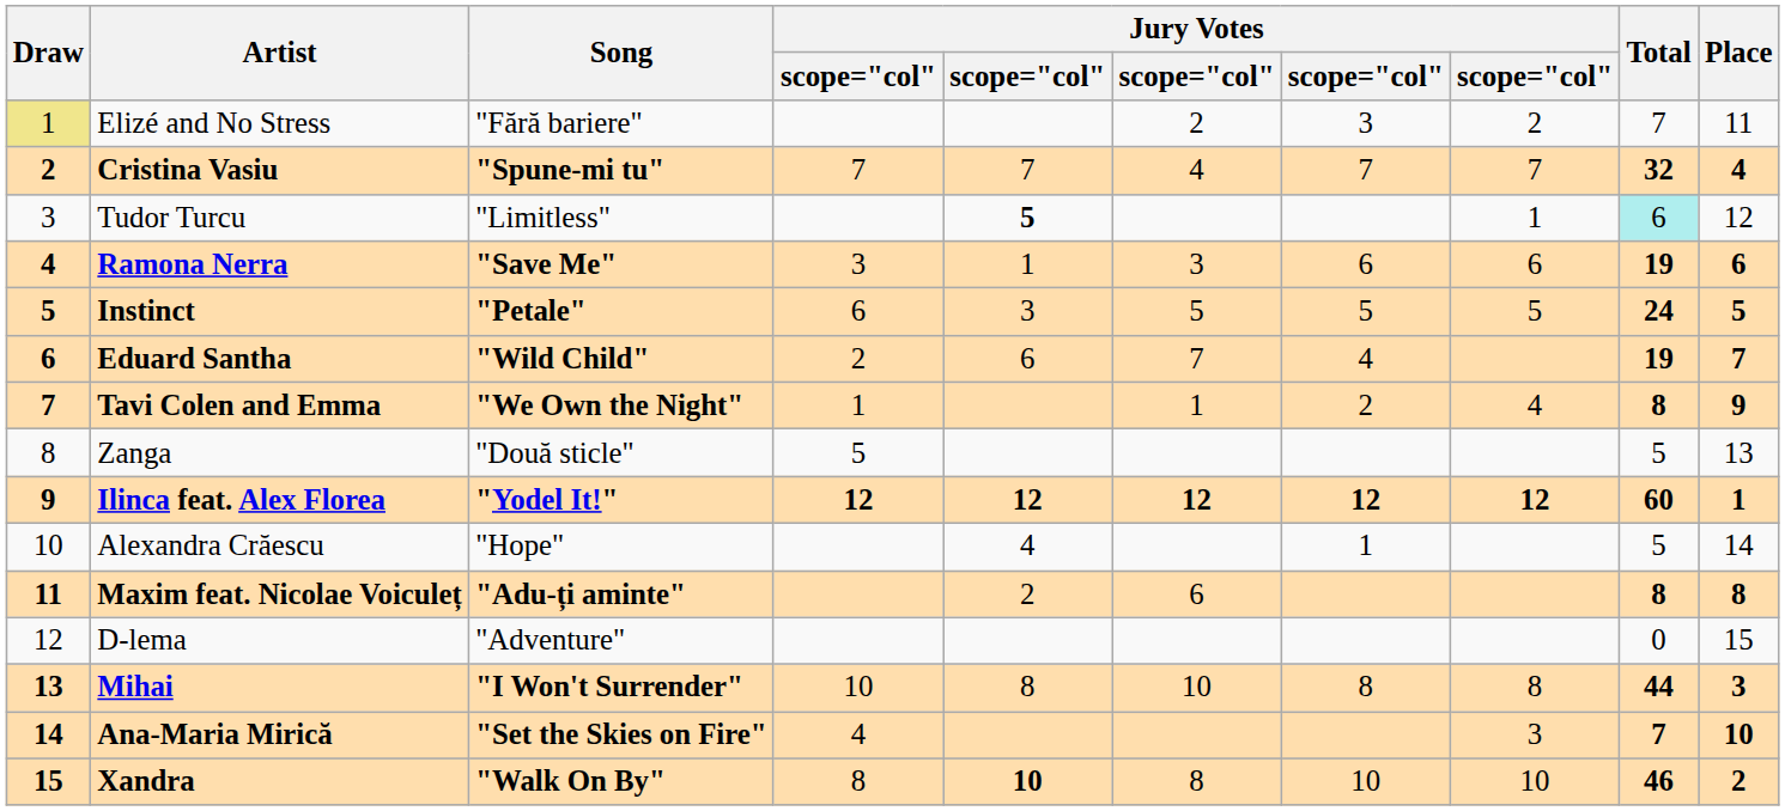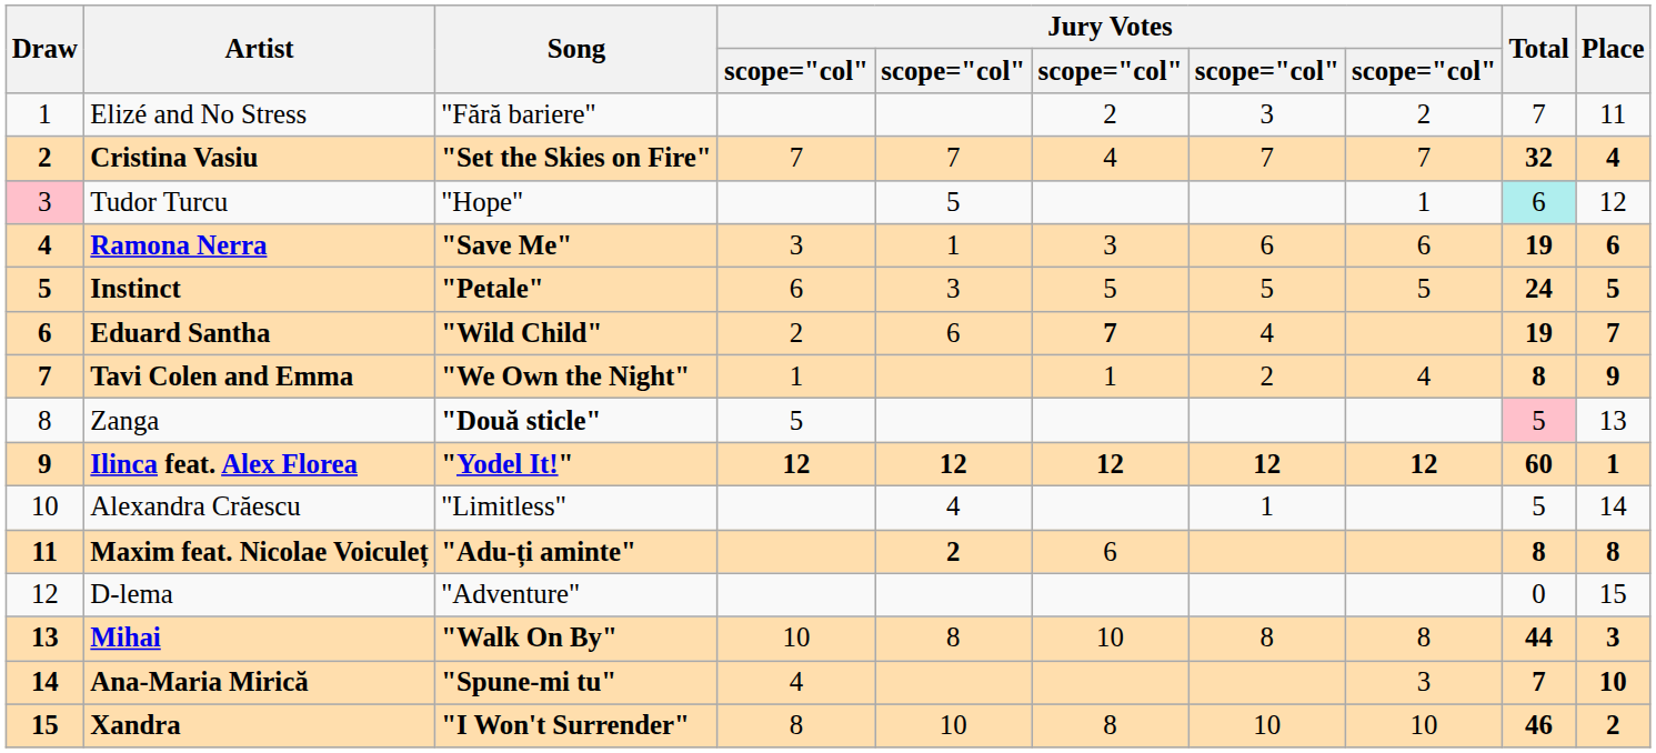 <table class="sortable wikitable" style="margin: 1em auto 1em auto; text-align:center;">
 <tr>
 <th rowspan="2">Draw</th>
 <th rowspan="2">Artist</th>
 <th rowspan="2">Song</th>
 <th colspan="5">Jury Votes</th>
 <th rowspan="2">Total</th>
 <th rowspan="2">Place</th>
 </tr>
 <tr>
 <th>scope="col" </th>
 <th>scope="col" </th>
 <th>scope="col" </th>
 <th>scope="col" </th>
 <th>scope="col" </th>
 </tr>
 <tr>
-<td style="background: khaki;">1</td>
+<td>1</td>
 <td style="text-align:left;">Elizé and No Stress</td>
 <td style="text-align:left;">"Fără bariere"</td>
 <td></td>
 <td></td>
 <td>2</td>
 <td>3</td>
 <td>2</td>
 <td>7</td>
 <td>11</td>
 </tr>
 <tr style="background:navajowhite">
 <td><strong>2</strong></td>
 <td style="text-align:left;"><strong>Cristina Vasiu</strong></td>
-<td style="text-align:left;"><strong>"Spune-mi tu"</strong></td>
+<td style="text-align:left;"><strong>"Set the Skies on Fire"</strong></td>
 <td>7</td>
 <td>7</td>
 <td>4</td>
 <td>7</td>
 <td>7</td>
 <td><strong>32</strong></td>
 <td><strong>4</strong></td>
 </tr>
 <tr>
-<td>3</td>
+<td style="background: pink;">3</td>
 <td style="text-align:left;">Tudor Turcu</td>
-<td style="text-align:left;">"Limitless"</td>
+<td style="text-align:left;">"Hope"</td>
 <td></td>
-<td><strong>5</strong></td>
+<td>5</td>
 <td></td>
 <td></td>
 <td>1</td>
 <td style="background: paleturquoise;">6</td>
 <td>12</td>
 </tr>
 <tr style="background:navajowhite">
 <td><strong>4</strong></td>
 <td style="text-align:left;"><strong><a href='#'>Ramona Nerra</a></strong></td>
 <td style="text-align:left;"><strong>"Save Me"</strong></td>
 <td>3</td>
 <td>1</td>
 <td>3</td>
 <td>6</td>
 <td>6</td>
 <td><strong>19</strong></td>
 <td><strong>6</strong></td>
 </tr>
 <tr style="background:navajowhite">
 <td><strong>5</strong></td>
 <td style="text-align:left;"><strong>Instinct</strong></td>
 <td style="text-align:left;"><strong>"Petale"</strong></td>
 <td>6</td>
 <td>3</td>
 <td>5</td>
 <td>5</td>
 <td>5</td>
 <td><strong>24</strong></td>
 <td><strong>5</strong></td>
 </tr>
 <tr style="background:navajowhite">
 <td><strong>6</strong></td>
 <td style="text-align:left;"><strong>Eduard Santha</strong></td>
 <td style="text-align:left;"><strong>"Wild Child"</strong></td>
 <td>2</td>
 <td>6</td>
-<td>7</td>
+<td><strong>7</strong></td>
 <td>4</td>
 <td></td>
 <td><strong>19</strong></td>
 <td><strong>7</strong></td>
 </tr>
 <tr style="background:navajowhite">
 <td><strong>7</strong></td>
 <td style="text-align:left;"><strong>Tavi Colen and Emma</strong></td>
 <td style="text-align:left;"><strong>"We Own the Night"</strong></td>
 <td>1</td>
 <td></td>
 <td>1</td>
 <td>2</td>
 <td>4</td>
 <td><strong>8</strong></td>
 <td><strong>9</strong></td>
 </tr>
 <tr>
 <td>8</td>
 <td style="text-align:left;">Zanga</td>
-<td style="text-align:left;">"Două sticle"</td>
+<td style="text-align:left;"><strong>"Două sticle"</strong></td>
 <td>5</td>
 <td></td>
 <td></td>
 <td></td>
 <td></td>
-<td>5</td>
+<td style="background: pink;">5</td>
 <td>13</td>
 </tr>
 <tr style="background:navajowhite">
 <td><strong>9</strong></td>
 <td style="text-align:left;"><strong><a href='#'>Ilinca</a> feat. <a href='#'>Alex Florea</a></strong></td>
 <td style="text-align:left;"><strong>"<a href='#'>Yodel It!</a>"</strong></td>
 <td><strong>12</strong></td>
 <td><strong>12</strong></td>
 <td><strong>12</strong></td>
 <td><strong>12</strong></td>
 <td><strong>12</strong></td>
 <td><strong>60</strong></td>
 <td><strong>1</strong></td>
 </tr>
 <tr>
 <td>10</td>
 <td style="text-align:left;">Alexandra Crăescu</td>
-<td style="text-align:left;">"Hope"</td>
+<td style="text-align:left;">"Limitless"</td>
 <td></td>
 <td>4</td>
 <td></td>
 <td>1</td>
 <td></td>
 <td>5</td>
 <td>14</td>
 </tr>
 <tr style="background:navajowhite">
 <td><strong>11</strong></td>
 <td style="text-align:left;"><strong>Maxim feat. Nicolae Voiculeț</strong></td>
 <td style="text-align:left;"><strong>"Adu-ți aminte"</strong></td>
 <td></td>
-<td>2</td>
+<td><strong>2</strong></td>
 <td>6</td>
 <td></td>
 <td></td>
 <td><strong>8</strong></td>
 <td><strong>8</strong></td>
 </tr>
 <tr>
 <td>12</td>
 <td style="text-align:left;">D-lema</td>
 <td style="text-align:left;">"Adventure"</td>
 <td></td>
 <td></td>
 <td></td>
 <td></td>
 <td></td>
 <td>0</td>
 <td>15</td>
 </tr>
 <tr style="background:navajowhite">
 <td><strong>13</strong></td>
 <td style="text-align:left;"><strong><a href='#'>Mihai</a></strong></td>
-<td style="text-align:left;"><strong>"I Won't Surrender"</strong></td>
+<td style="text-align:left;"><strong>"Walk On By"</strong></td>
 <td>10</td>
 <td>8</td>
 <td>10</td>
 <td>8</td>
 <td>8</td>
 <td><strong>44</strong></td>
 <td><strong>3</strong></td>
 </tr>
 <tr style="background:navajowhite">
 <td><strong>14</strong></td>
 <td style="text-align:left;"><strong>Ana-Maria Mirică</strong></td>
-<td style="text-align:left;"><strong>"Set the Skies on Fire"</strong></td>
+<td style="text-align:left;"><strong>"Spune-mi tu"</strong></td>
 <td>4</td>
 <td></td>
 <td></td>
 <td></td>
 <td>3</td>
 <td><strong>7</strong></td>
 <td><strong>10</strong></td>
 </tr>
 <tr style="background:navajowhite">
 <td><strong>15</strong></td>
 <td style="text-align:left;"><strong>Xandra</strong></td>
-<td style="text-align:left;"><strong>"Walk On By"</strong></td>
+<td style="text-align:left;"><strong>"I Won't Surrender"</strong></td>
 <td>8</td>
-<td><strong>10</strong></td>
+<td>10</td>
 <td>8</td>
 <td>10</td>
 <td>10</td>
 <td><strong>46</strong></td>
 <td><strong>2</strong></td>
 </tr>
 </table>
